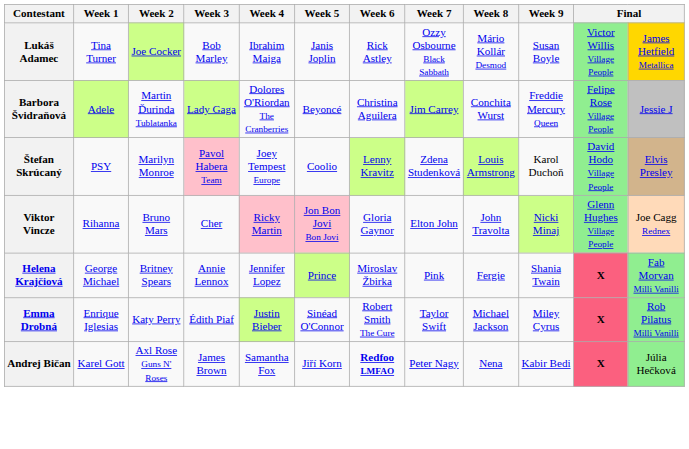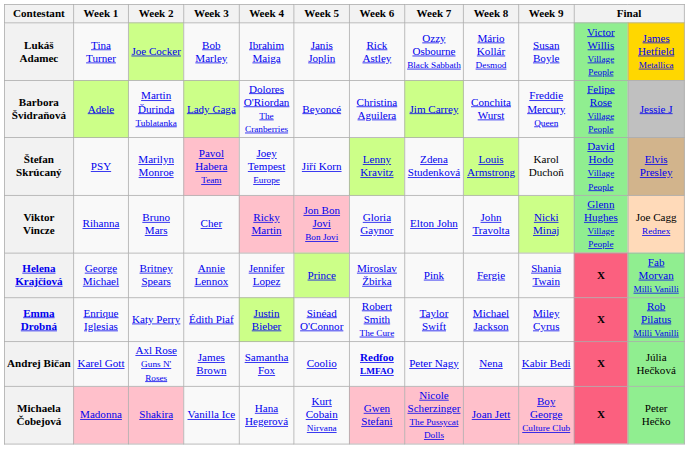 <table class="wikitable" style="font-size:90%; text-align:center; margin-left: auto; margin-right: auto">
 <tr>
 <th style="width: 10%;">Contestant</th>
 <th style="width: 8%;">Week 1</th>
 <th style="width: 8%;">Week 2</th>
 <th style="width: 8%;">Week 3</th>
 <th style="width: 8%;">Week 4</th>
 <th style="width: 8%;">Week 5</th>
 <th style="width: 8%;">Week 6</th>
 <th style="width: 8%;">Week 7</th>
 <th style="width: 8%;">Week 8</th>
 <th style="width: 8%;">Week 9</th>
 <th colspan="2" style="width: 16%;">Final</th>
 </tr>
 <tr>
 <th>Lukáš Adamec</th>
 <td><a href='#'>Tina Turner</a></td>
 <td style="background:#ccff88"><a href='#'>Joe Cocker</a></td>
 <td><a href='#'>Bob Marley</a></td>
 <td><a href='#'>Ibrahim Maiga</a></td>
 <td><a href='#'>Janis Joplin</a></td>
 <td><a href='#'>Rick Astley</a></td>
 <td><a href='#'>Ozzy Osbourne</a> <br><small><a href='#'>Black Sabbath</a></small></td>
 <td><a href='#'>Mário Kollár</a> <br><small><a href='#'>Desmod</a></small></td>
 <td><a href='#'>Susan Boyle</a></td>
 <td style="background:lightgreen"><a href='#'>Victor Willis</a> <br><small><a href='#'>Village People</a></small></td>
 <td style="background:gold;"><a href='#'>James Hetfield</a> <br><small><a href='#'>Metallica</a></small></td>
 </tr>
 <tr>
 <th>Barbora Švidraňová</th>
 <td style="background:#ccff88"><a href='#'>Adele</a></td>
 <td><a href='#'>Martin Ďurinda</a> <br><small><a href='#'>Tublatanka</a></small></td>
 <td style="background:#ccff88"><a href='#'>Lady Gaga</a></td>
 <td><a href='#'>Dolores O'Riordan</a> <br><small><a href='#'>The Cranberries</a></small></td>
 <td><a href='#'>Beyoncé</a></td>
 <td><a href='#'>Christina Aguilera</a></td>
 <td style="background:#ccff88"><a href='#'>Jim Carrey</a></td>
 <td><a href='#'>Conchita Wurst</a></td>
 <td><a href='#'>Freddie Mercury</a> <br><small><a href='#'>Queen</a></small></td>
 <td style="background:lightgreen"><a href='#'>Felipe Rose</a> <br><small><a href='#'>Village People</a></small></td>
 <td style="background:silver;"><a href='#'>Jessie J</a></td>
 </tr>
 <tr>
 <th>Štefan Skrúcaný</th>
 <td><a href='#'>PSY</a></td>
 <td><a href='#'>Marilyn Monroe</a></td>
 <td style="background:pink"><a href='#'>Pavol Habera</a> <br><small><a href='#'>Team</a></small></td>
 <td><a href='#'>Joey Tempest</a> <br><small><a href='#'>Europe</a></small></td>
-<td><a href='#'>Coolio</a></td>
+<td><a href='#'>Jiří Korn</a></td>
 <td style="background:#ccff88"><a href='#'>Lenny Kravitz</a></td>
 <td><a href='#'>Zdena Studenková</a></td>
 <td style="background:#ccff88"><a href='#'>Louis Armstrong</a></td>
 <td>Karol Duchoň</td>
 <td style="background:lightgreen"><a href='#'>David Hodo</a> <br><small><a href='#'>Village People</a></small></td>
 <td style="background:tan"><a href='#'>Elvis Presley</a></td>
 </tr>
 <tr>
 <th>Viktor Vincze</th>
 <td><a href='#'>Rihanna</a></td>
 <td><a href='#'>Bruno Mars</a></td>
 <td><a href='#'>Cher</a></td>
 <td style="background:pink"><a href='#'>Ricky Martin</a></td>
 <td style="background:pink"><a href='#'>Jon Bon Jovi</a> <br><small><a href='#'>Bon Jovi</a></small></td>
 <td><a href='#'>Gloria Gaynor</a></td>
 <td><a href='#'>Elton John</a></td>
 <td><a href='#'>John Travolta</a></td>
 <td style="background:#ccff88"><a href='#'>Nicki Minaj</a></td>
 <td style="background:lightgreen"><a href='#'>Glenn Hughes</a> <br><small><a href='#'>Village People</a></small></td>
 <td style="background:peachpuff">Joe Cagg <br><small><a href='#'>Rednex</a></small></td>
 </tr>
 <tr>
 <th><a href='#'>Helena Krajčiová</a></th>
 <td><a href='#'>George Michael</a></td>
 <td><a href='#'>Britney Spears</a></td>
 <td><a href='#'>Annie Lennox</a></td>
 <td><a href='#'>Jennifer Lopez</a></td>
 <td style="background:#ccff88"><a href='#'>Prince</a></td>
 <td><a href='#'>Miroslav Žbirka</a></td>
 <td><a href='#'>Pink</a></td>
 <td><a href='#'>Fergie</a></td>
 <td><a href='#'>Shania Twain</a></td>
 <td style="background:#FB607F"><strong>X</strong></td>
 <td style="background:lightgreen"><a href='#'>Fab Morvan</a> <br><small><a href='#'>Milli Vanilli</a></small></td>
 </tr>
 <tr>
 <th><a href='#'>Emma Drobná</a></th>
 <td><a href='#'>Enrique Iglesias</a></td>
 <td><a href='#'>Katy Perry</a></td>
 <td><a href='#'>Édith Piaf</a></td>
 <td style="background:#ccff88"><a href='#'>Justin Bieber</a></td>
 <td><a href='#'>Sinéad O'Connor</a></td>
 <td><a href='#'>Robert Smith</a> <br><small><a href='#'>The Cure</a></small></td>
 <td><a href='#'>Taylor Swift</a></td>
 <td><a href='#'>Michael Jackson</a></td>
 <td><a href='#'>Miley Cyrus</a></td>
 <td style="background:#FB607F"><strong>X</strong></td>
 <td style="background:lightgreen"><a href='#'>Rob Pilatus</a> <br><small><a href='#'>Milli Vanilli</a></small></td>
 </tr>
 <tr>
 <th>Andrej Bičan</th>
 <td><a href='#'>Karel Gott</a></td>
 <td><a href='#'>Axl Rose</a> <br><small><a href='#'>Guns N' Roses</a></small></td>
 <td><a href='#'>James Brown</a></td>
 <td><a href='#'>Samantha Fox</a></td>
-<td><a href='#'>Jiří Korn</a></td>
+<td><a href='#'>Coolio</a></td>
 <td><strong><a href='#'>Redfoo</a> <br><small><a href='#'>LMFAO</a></small></strong></td>
 <td><a href='#'>Peter Nagy</a></td>
 <td><a href='#'>Nena</a></td>
 <td><a href='#'>Kabir Bedi</a></td>
 <td style="background:#FB607F"><strong>X</strong></td>
 <td style="background:lightgreen">Júlia Hečková</td>
 </tr>
+<tr>
+<th>Michaela Čobejová</th>
+<td style="background:pink"><a href='#'>Madonna</a></td>
+<td style="background:pink"><a href='#'>Shakira</a></td>
+<td><a href='#'>Vanilla Ice</a></td>
+<td><a href='#'>Hana Hegerová</a></td>
+<td><a href='#'>Kurt Cobain</a> <br><small><a href='#'>Nirvana</a></small></td>
+<td style="background:pink"><a href='#'>Gwen Stefani</a></td>
+<td style="background:pink"><a href='#'>Nicole Scherzinger</a><br><small><a href='#'>The Pussycat Dolls</a></small></td>
+<td style="background:pink"><a href='#'>Joan Jett</a></td>
+<td style="background:pink"><a href='#'>Boy George</a> <br><small><a href='#'>Culture Club</a></small></td>
+<td style="background:#FB607F"><strong>X</strong></td>
+<td style="background:lightgreen">Peter Hečko</td>
+</tr>
 </table>
